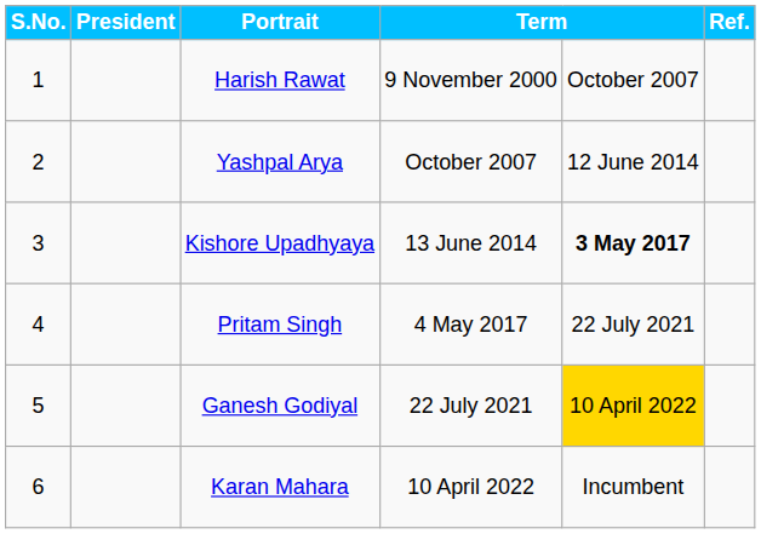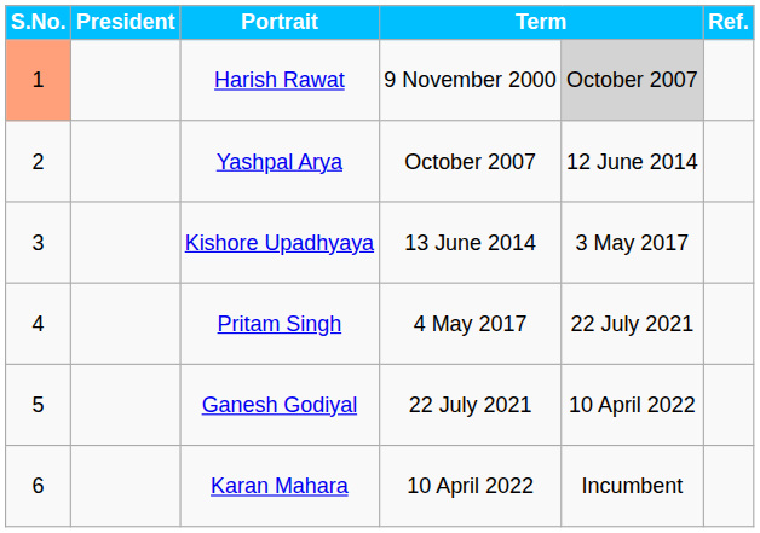 <table class="wikitable sortable" style="text-align:center;">
 <tr>
 <th Style="background-color:#00BFFF; color:white">S.No.</th>
 <th Style="background-color:#00BFFF; color:white">President</th>
 <th Style="background-color:#00BFFF; color:white">Portrait</th>
 <th Style="background-color:#00BFFF; color:white" colspan=2>Term</th>
 <th Style="background-color:#00BFFF; color:white">Ref.</th>
 </tr>
 <tr style="text-align:center; height:60px;">
-<td>1</td>
+<td style="background: lightsalmon;">1</td>
 <td></td>
 <td><a href='#'>Harish Rawat</a></td>
 <td>9 November 2000</td>
-<td>October 2007</td>
+<td style="background: lightgrey;">October 2007</td>
 <td></td>
 </tr>
 <tr style="text-align:center; height:60px;">
 <td>2</td>
 <td></td>
 <td><a href='#'>Yashpal Arya</a></td>
 <td>October 2007</td>
 <td>12 June 2014</td>
 <td></td>
 </tr>
 <tr style="text-align:center; height:60px;">
 <td>3</td>
 <td></td>
 <td><a href='#'>Kishore Upadhyaya</a></td>
 <td>13 June 2014</td>
-<td><strong>3 May 2017</strong></td>
+<td>3 May 2017</td>
 <td></td>
 </tr>
 <tr style="text-align:center; height:60px;">
 <td>4</td>
 <td></td>
 <td><a href='#'>Pritam Singh</a></td>
 <td>4 May 2017</td>
 <td>22 July 2021</td>
 <td></td>
 </tr>
 <tr style="text-align:center; height:60px;">
 <td>5</td>
 <td></td>
 <td><a href='#'>Ganesh Godiyal</a></td>
 <td>22 July 2021</td>
-<td style="background: gold;">10 April 2022</td>
+<td>10 April 2022</td>
 <td></td>
 </tr>
 <tr style="text-align:center; height:60px;">
 <td>6</td>
 <td></td>
 <td><a href='#'>Karan Mahara</a></td>
 <td>10 April 2022</td>
 <td>Incumbent</td>
 <td></td>
 </tr>
 </table>
